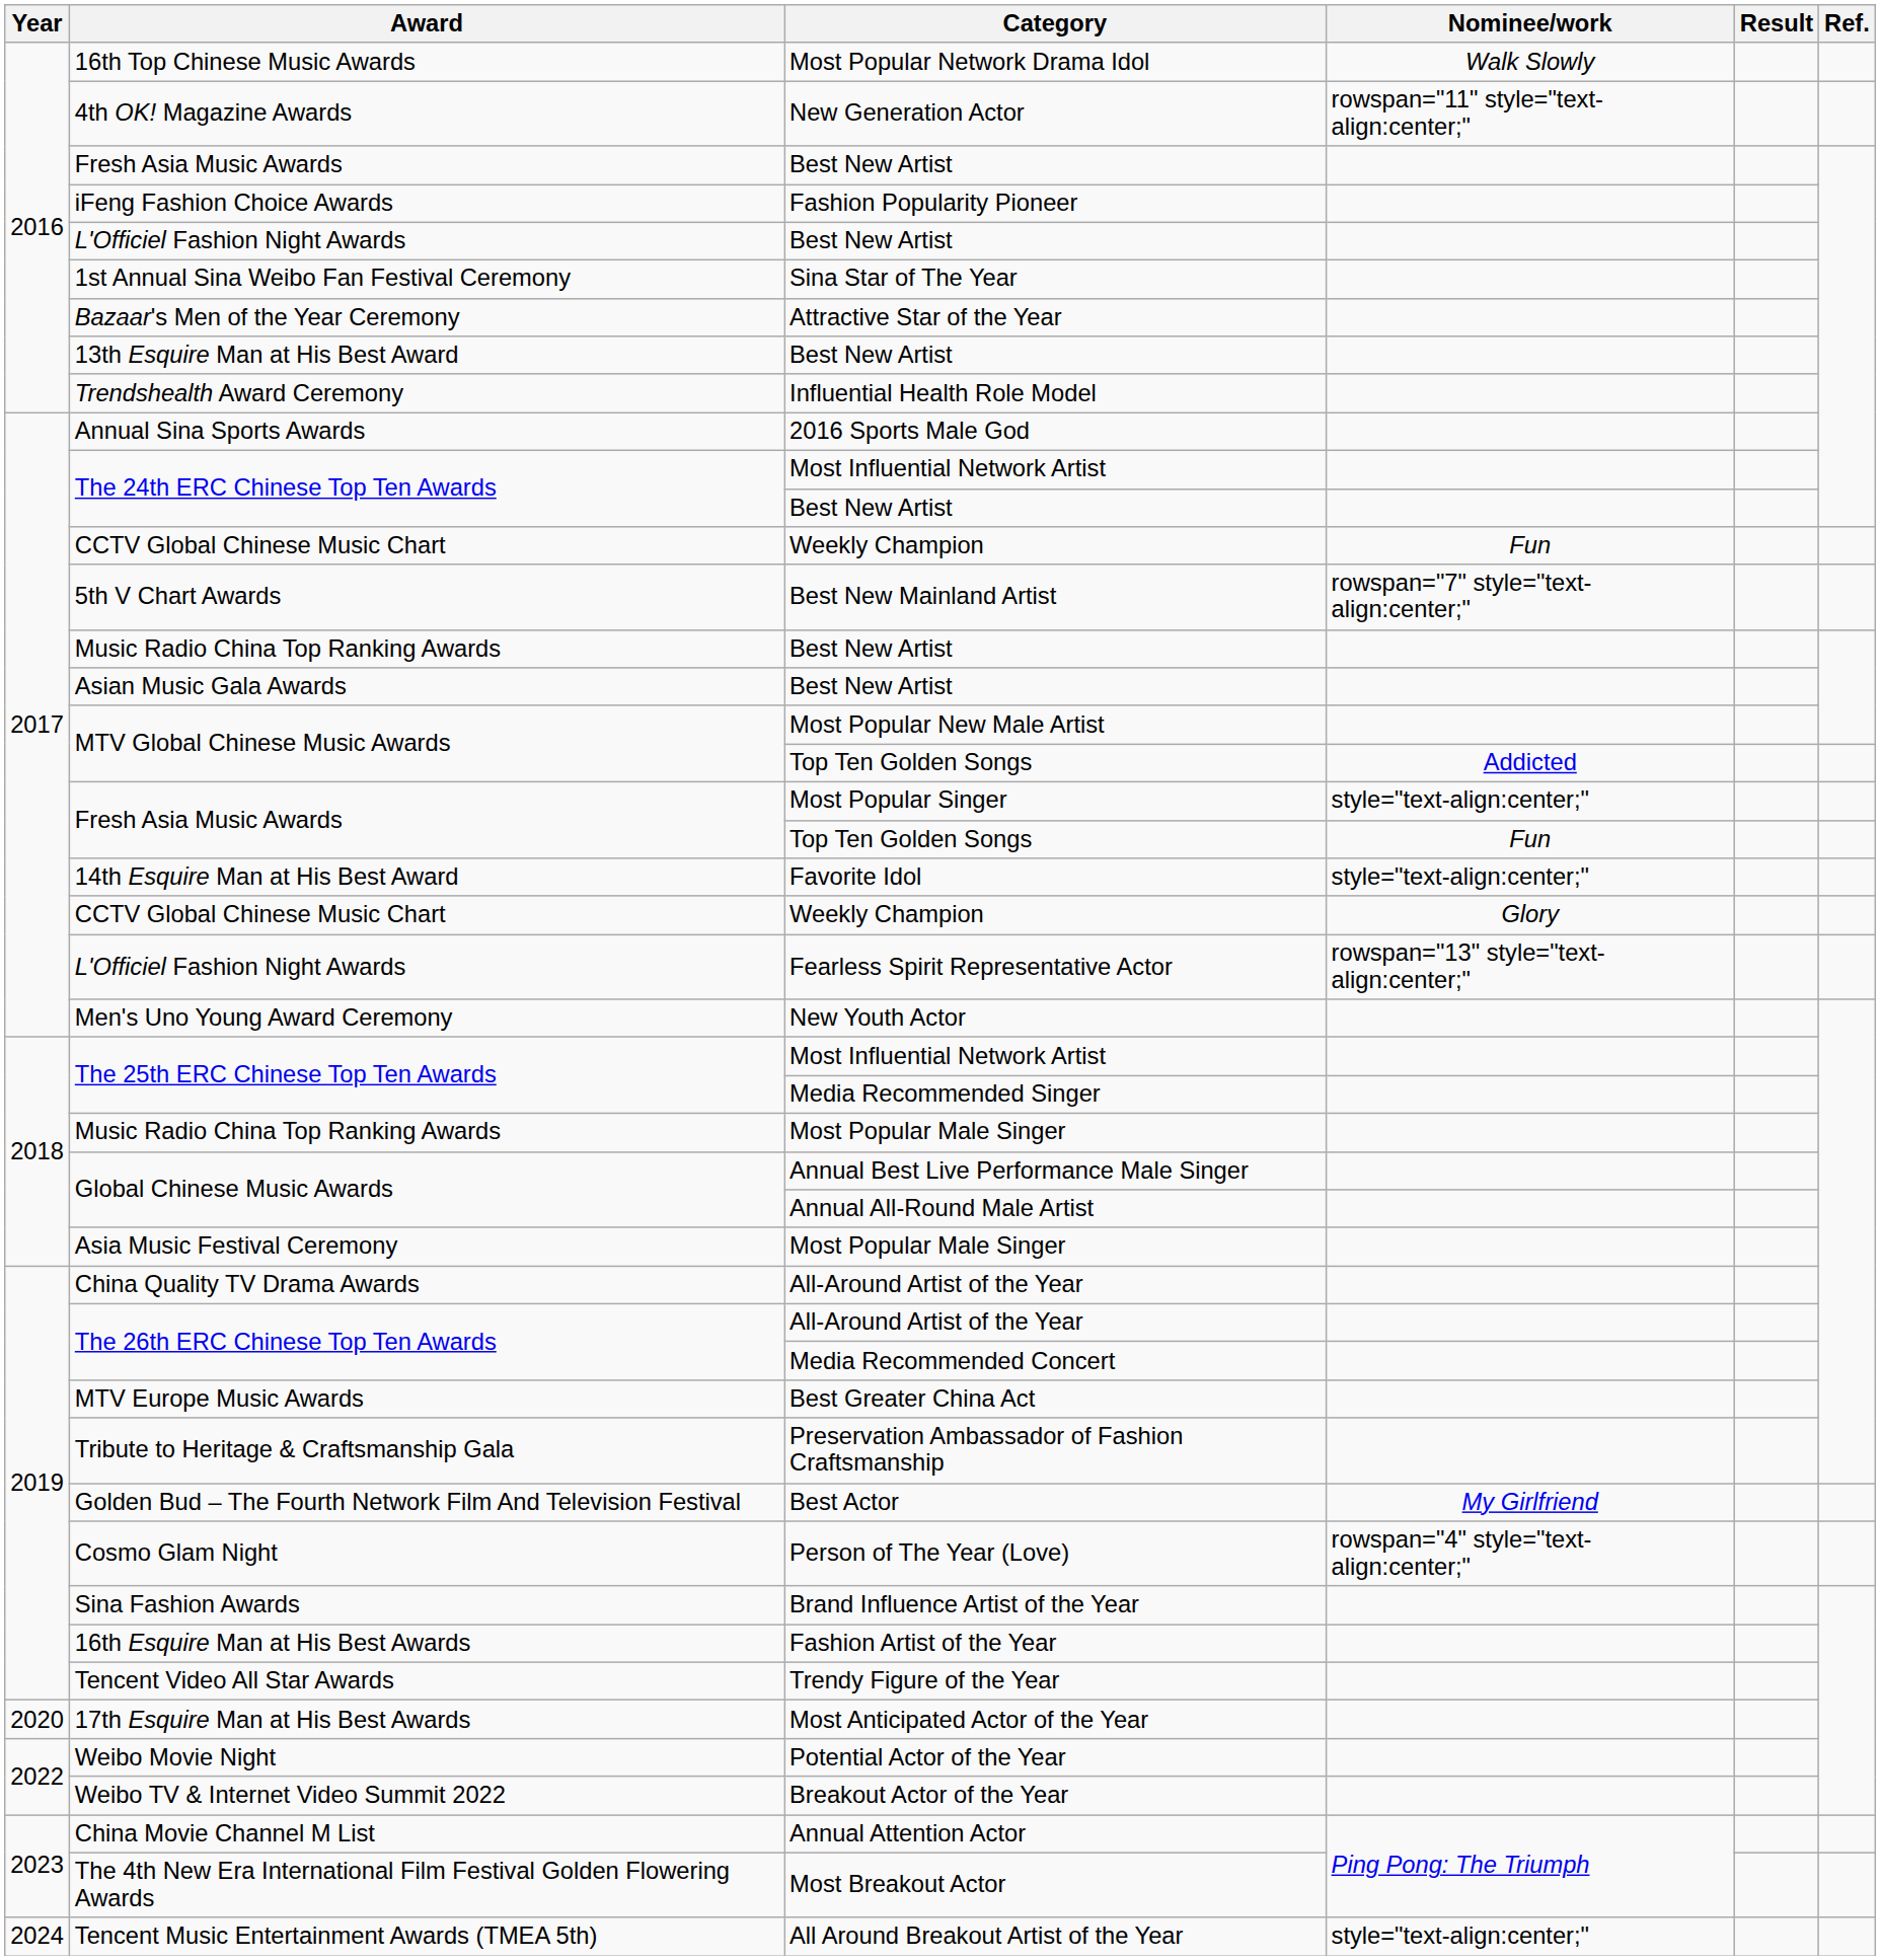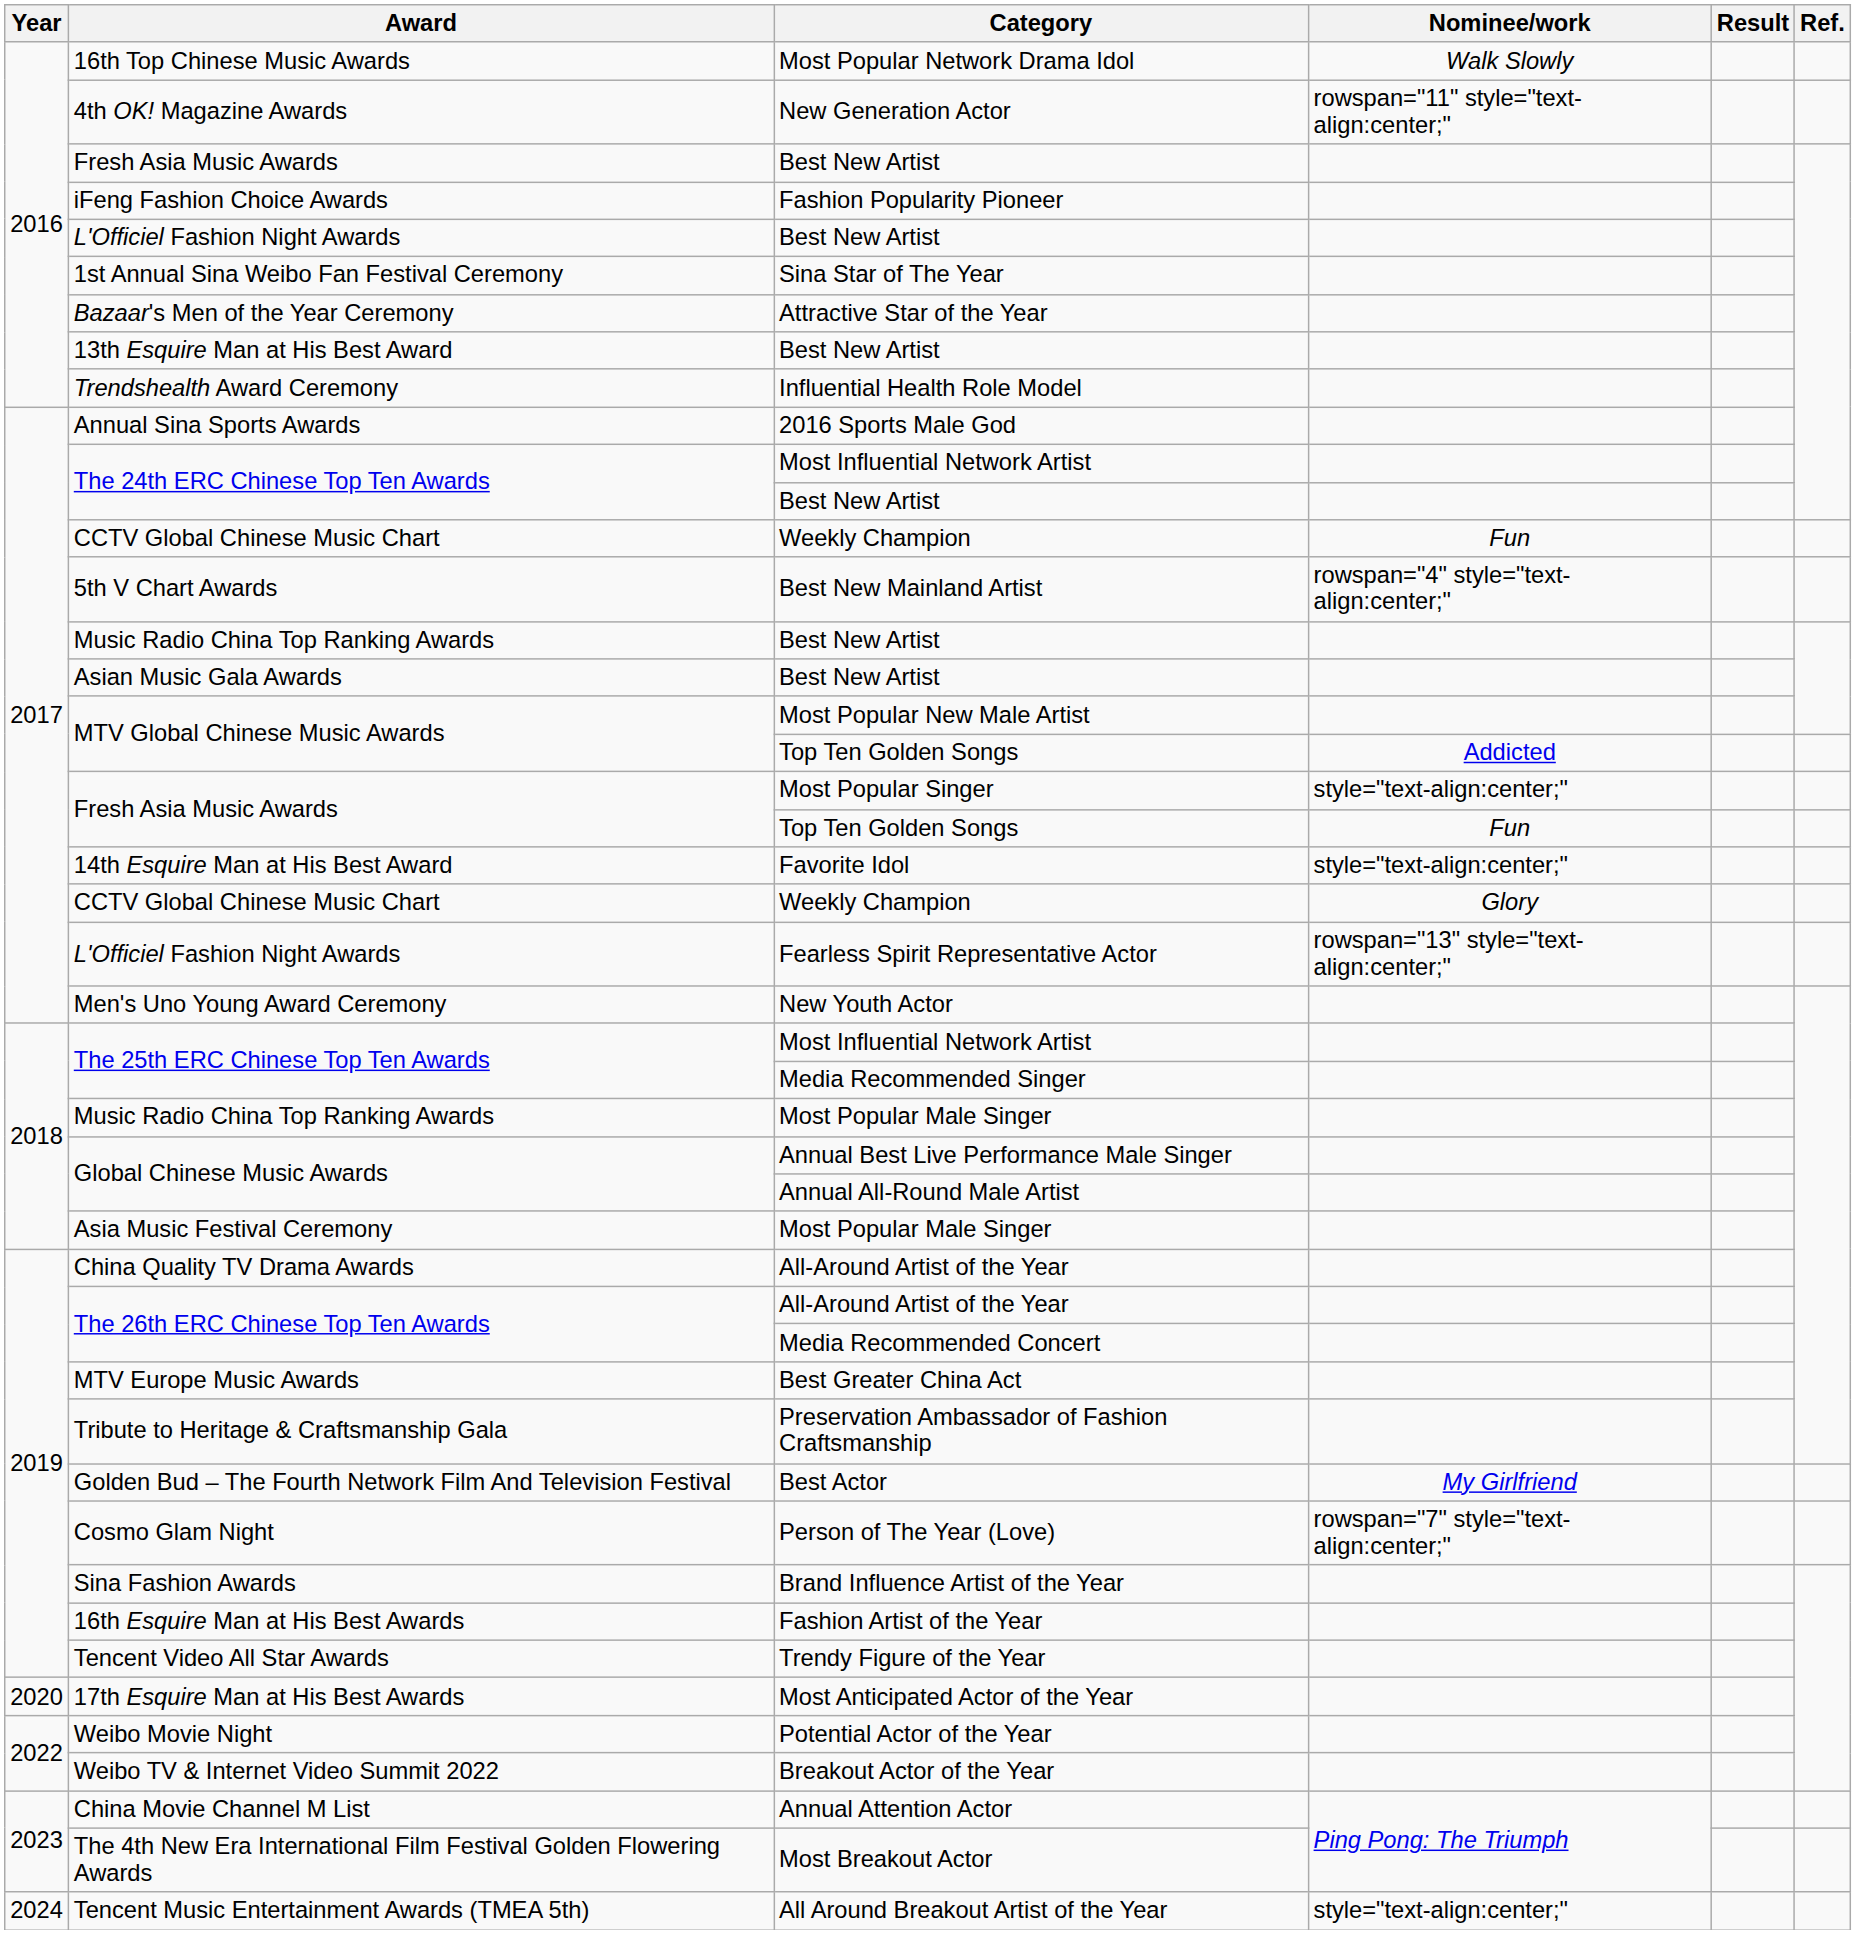 <table class="wikitable">
 <tr>
 <th>Year</th>
 <th>Award</th>
 <th>Category</th>
 <th>Nominee/work</th>
 <th>Result</th>
 <th>Ref.</th>
 </tr>
 <tr>
 <td rowspan="9">2016</td>
 <td>16th Top Chinese Music Awards</td>
 <td>Most Popular Network Drama Idol</td>
 <td style="text-align:center;"><em>Walk Slowly</em></td>
 <td></td>
 <td></td>
 </tr>
 <tr>
 <td>4th <em>OK!</em> Magazine Awards</td>
 <td>New Generation Actor</td>
 <td>rowspan="11" style="text-align:center;"</td>
 <td></td>
 <td></td>
 </tr>
 <tr>
 <td>Fresh Asia Music Awards</td>
 <td>Best New Artist</td>
 <td></td>
 <td></td>
 </tr>
 <tr>
 <td>iFeng Fashion Choice Awards</td>
 <td>Fashion Popularity Pioneer</td>
 <td></td>
 <td></td>
 </tr>
 <tr>
 <td><em>L'Officiel</em> Fashion Night Awards</td>
 <td>Best New Artist</td>
 <td></td>
 <td></td>
 </tr>
 <tr>
 <td>1st Annual Sina Weibo Fan Festival Ceremony</td>
 <td>Sina Star of The Year</td>
 <td></td>
 <td></td>
 </tr>
 <tr>
 <td><em>Bazaar</em>'s Men of the Year Ceremony</td>
 <td>Attractive Star of the Year</td>
 <td></td>
 <td></td>
 </tr>
 <tr>
 <td>13th <em>Esquire</em> Man at His Best Award</td>
 <td>Best New Artist</td>
 <td></td>
 <td></td>
 </tr>
 <tr>
 <td><em>Trendshealth</em> Award Ceremony</td>
 <td>Influential Health Role Model</td>
 <td></td>
 <td></td>
 </tr>
 <tr>
 <td rowspan="15">2017</td>
 <td>Annual Sina Sports Awards</td>
 <td>2016 Sports Male God</td>
 <td></td>
 <td></td>
 </tr>
 <tr>
 <td rowspan="2"><a href='#'>The 24th ERC Chinese Top Ten Awards</a></td>
 <td>Most Influential Network Artist</td>
 <td></td>
 <td></td>
 </tr>
 <tr>
 <td>Best New Artist</td>
 <td></td>
 <td></td>
 </tr>
 <tr>
 <td>CCTV Global Chinese Music Chart</td>
 <td>Weekly Champion</td>
 <td style="text-align:center;"><em>Fun</em></td>
 <td></td>
 <td></td>
 </tr>
 <tr>
 <td>5th V Chart Awards</td>
 <td>Best New Mainland Artist</td>
-<td>rowspan="7" style="text-align:center;"</td>
+<td>rowspan="4" style="text-align:center;"</td>
 <td></td>
 <td></td>
 </tr>
 <tr>
 <td>Music Radio China Top Ranking Awards</td>
 <td>Best New Artist</td>
 <td></td>
 <td></td>
 </tr>
 <tr>
 <td>Asian Music Gala Awards</td>
 <td>Best New Artist</td>
 <td></td>
 <td></td>
 </tr>
 <tr>
 <td rowspan="2">MTV Global Chinese Music Awards</td>
 <td>Most Popular New Male Artist</td>
 <td></td>
 <td></td>
 </tr>
 <tr>
 <td>Top Ten Golden Songs</td>
 <td style="text-align:center;"><a href='#'>Addicted</a></td>
 <td></td>
 <td></td>
 </tr>
 <tr>
 <td rowspan="2">Fresh Asia Music Awards</td>
 <td>Most Popular Singer</td>
 <td>style="text-align:center;"</td>
 <td></td>
 <td></td>
 </tr>
 <tr>
 <td>Top Ten Golden Songs</td>
 <td style="text-align:center;"><em>Fun</em></td>
 <td></td>
 <td></td>
 </tr>
 <tr>
 <td>14th <em>Esquire</em> Man at His Best Award</td>
 <td>Favorite Idol</td>
 <td>style="text-align:center;"</td>
 <td></td>
 <td></td>
 </tr>
 <tr>
 <td>CCTV Global Chinese Music Chart</td>
 <td>Weekly Champion</td>
 <td style="text-align:center;"><em>Glory</em></td>
 <td></td>
 <td></td>
 </tr>
 <tr>
 <td><em>L'Officiel</em> Fashion Night Awards</td>
 <td>Fearless Spirit Representative Actor</td>
 <td>rowspan="13" style="text-align:center;"</td>
 <td></td>
 <td></td>
 </tr>
 <tr>
 <td>Men's Uno Young Award Ceremony</td>
 <td>New Youth Actor</td>
 <td></td>
 <td></td>
 </tr>
 <tr>
 <td rowspan= "6">2018</td>
 <td rowspan="2"><a href='#'>The 25th ERC Chinese Top Ten Awards</a></td>
 <td>Most Influential Network Artist</td>
 <td></td>
 <td></td>
 </tr>
 <tr>
 <td>Media Recommended Singer</td>
 <td></td>
 <td></td>
 </tr>
 <tr>
 <td>Music Radio China Top Ranking Awards</td>
 <td>Most Popular Male Singer</td>
 <td></td>
 <td></td>
 </tr>
 <tr>
 <td rowspan="2">Global Chinese Music Awards</td>
 <td>Annual Best Live Performance Male Singer</td>
 <td></td>
 <td></td>
 </tr>
 <tr>
 <td>Annual All-Round Male Artist</td>
 <td></td>
 <td></td>
 </tr>
 <tr>
 <td>Asia Music Festival Ceremony</td>
 <td>Most Popular Male Singer</td>
 <td></td>
 <td></td>
 </tr>
 <tr>
 <td rowspan="10">2019</td>
 <td>China Quality TV Drama Awards</td>
 <td>All-Around Artist of the Year</td>
 <td></td>
 <td></td>
 </tr>
 <tr>
 <td rowspan="2"><a href='#'>The 26th ERC Chinese Top Ten Awards</a></td>
 <td>All-Around Artist of the Year</td>
 <td></td>
 <td></td>
 </tr>
 <tr>
 <td>Media Recommended Concert</td>
 <td></td>
 <td></td>
 </tr>
 <tr>
 <td>MTV Europe Music Awards</td>
 <td>Best Greater China Act</td>
 <td></td>
 <td></td>
 </tr>
 <tr>
 <td>Tribute to Heritage & Craftsmanship Gala</td>
 <td>Preservation Ambassador of Fashion Craftsmanship</td>
 <td></td>
 <td></td>
 </tr>
 <tr>
 <td>Golden Bud – The Fourth Network Film And Television Festival</td>
 <td>Best Actor</td>
 <td style="text-align:center;"><em><a href='#'>My Girlfriend</a></em></td>
 <td></td>
 <td></td>
 </tr>
 <tr>
 <td>Cosmo Glam Night</td>
 <td>Person of The Year (Love)</td>
-<td>rowspan="4" style="text-align:center;"</td>
+<td>rowspan="7" style="text-align:center;"</td>
 <td></td>
 <td></td>
 </tr>
 <tr>
 <td>Sina Fashion Awards</td>
 <td>Brand Influence Artist of the Year</td>
 <td></td>
 <td></td>
 </tr>
 <tr>
 <td>16th <em>Esquire</em> Man at His Best Awards</td>
 <td>Fashion Artist of the Year</td>
 <td></td>
 <td></td>
 </tr>
 <tr>
 <td>Tencent Video All Star Awards</td>
 <td>Trendy Figure of the Year</td>
 <td></td>
 <td></td>
 </tr>
 <tr>
 <td>2020</td>
 <td>17th <em>Esquire</em> Man at His Best Awards</td>
 <td>Most Anticipated Actor of the Year</td>
 <td></td>
 <td></td>
 </tr>
 <tr>
 <td rowspan="2">2022</td>
 <td>Weibo Movie Night</td>
 <td>Potential Actor of the Year</td>
 <td></td>
 <td></td>
 </tr>
 <tr>
 <td>Weibo TV & Internet Video Summit 2022</td>
 <td>Breakout Actor of the Year</td>
 <td></td>
 <td></td>
 </tr>
 <tr>
 <td rowspan="2">2023</td>
 <td>China Movie Channel M List</td>
 <td>Annual Attention Actor</td>
 <td rowspan="2"><em><a href='#'>Ping Pong: The Triumph</a></em></td>
 <td></td>
 <td></td>
 </tr>
 <tr>
 <td>The 4th New Era International Film Festival Golden Flowering Awards</td>
 <td>Most Breakout Actor</td>
 <td></td>
 <td></td>
 </tr>
 <tr>
 <td>2024</td>
 <td>Tencent Music Entertainment Awards (TMEA 5th)</td>
 <td>All Around Breakout Artist of the Year</td>
 <td>style="text-align:center;"</td>
 <td></td>
 <td></td>
 </tr>
 </table>
